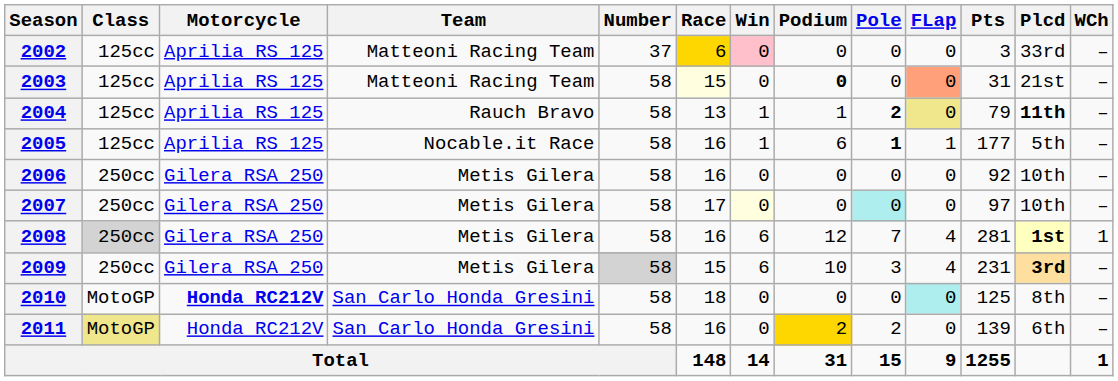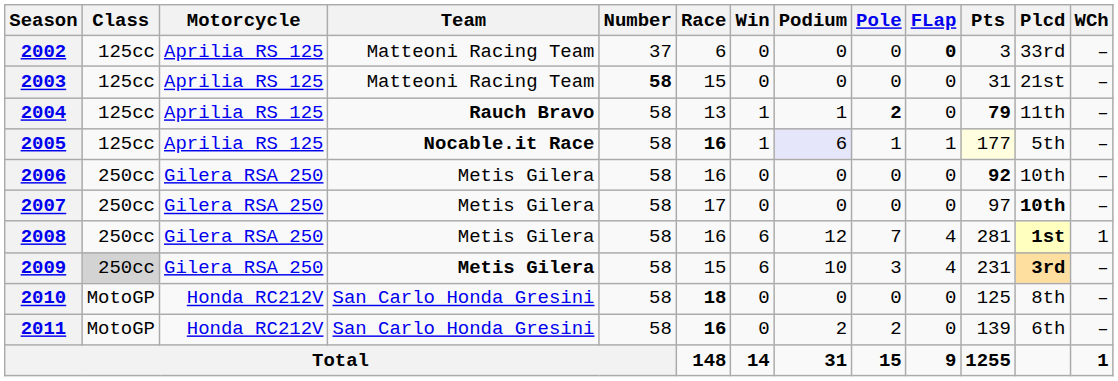 <table class="wikitable" style="text-align:right">
 <tr>
 <th>Season</th>
 <th>Class</th>
 <th>Motorcycle</th>
 <th>Team</th>
 <th>Number</th>
 <th>Race</th>
 <th>Win</th>
 <th>Podium</th>
 <th><a href='#'>Pole</a></th>
 <th><a href='#'>FLap</a></th>
 <th>Pts</th>
 <th>Plcd</th>
 <th>WCh</th>
 </tr>
 <tr>
 <th><a href='#'>2002</a></th>
 <td style="text-align:right">125cc</td>
 <td style="text-align:right"><a href='#'>Aprilia RS 125</a></td>
 <td style="text-align:right">Matteoni Racing Team</td>
 <td>37</td>
-<td style="background: gold;">6</td>
-<td style="background: pink;">0</td>
+<td>6</td>
 <td>0</td>
 <td>0</td>
 <td>0</td>
+<td><strong>0</strong></td>
 <td>3</td>
 <td>33rd</td>
 <td>–</td>
 </tr>
 <tr>
 <th><a href='#'>2003</a></th>
 <td style="text-align:right">125cc</td>
 <td style="text-align:right"><a href='#'>Aprilia RS 125</a></td>
 <td style="text-align:right">Matteoni Racing Team</td>
-<td>58</td>
-<td style="background: lightyellow;">15</td>
+<td><strong>58</strong></td>
+<td>15</td>
 <td>0</td>
-<td><strong>0</strong></td>
 <td>0</td>
-<td style="background: lightsalmon;">0</td>
+<td>0</td>
+<td>0</td>
 <td>31</td>
 <td>21st</td>
 <td>–</td>
 </tr>
 <tr>
 <th><a href='#'>2004</a></th>
 <td style="text-align:right">125cc</td>
 <td style="text-align:right"><a href='#'>Aprilia RS 125</a></td>
-<td style="text-align:right">Rauch Bravo</td>
+<td style="text-align:right"><strong>Rauch Bravo</strong></td>
 <td>58</td>
 <td>13</td>
 <td>1</td>
 <td>1</td>
 <td><strong>2</strong></td>
-<td style="background: khaki;">0</td>
-<td>79</td>
-<td><strong>11th</strong></td>
+<td>0</td>
+<td><strong>79</strong></td>
+<td>11th</td>
 <td>–</td>
 </tr>
 <tr>
 <th><a href='#'>2005</a></th>
 <td style="text-align:right">125cc</td>
 <td style="text-align:right"><a href='#'>Aprilia RS 125</a></td>
-<td style="text-align:right">Nocable.it Race</td>
+<td style="text-align:right"><strong>Nocable.it Race</strong></td>
 <td>58</td>
-<td>16</td>
+<td><strong>16</strong></td>
 <td>1</td>
-<td>6</td>
-<td><strong>1</strong></td>
+<td style="background: lavender;">6</td>
 <td>1</td>
-<td>177</td>
+<td>1</td>
+<td style="background: lightyellow;">177</td>
 <td>5th</td>
 <td>–</td>
 </tr>
 <tr>
 <th><a href='#'>2006</a></th>
 <td style="text-align:right">250cc</td>
 <td style="text-align:right"><a href='#'>Gilera RSA 250</a></td>
 <td style="text-align:right">Metis Gilera</td>
 <td>58</td>
 <td>16</td>
 <td>0</td>
 <td>0</td>
 <td>0</td>
 <td>0</td>
-<td>92</td>
+<td><strong>92</strong></td>
 <td>10th</td>
 <td>–</td>
 </tr>
 <tr>
 <th><a href='#'>2007</a></th>
 <td style="text-align:right">250cc</td>
 <td style="text-align:right"><a href='#'>Gilera RSA 250</a></td>
 <td style="text-align:right">Metis Gilera</td>
 <td>58</td>
 <td>17</td>
-<td style="background: lightyellow;">0</td>
 <td>0</td>
-<td style="background: paleturquoise;">0</td>
+<td>0</td>
+<td>0</td>
 <td>0</td>
 <td>97</td>
-<td>10th</td>
+<td><strong>10th</strong></td>
 <td>–</td>
 </tr>
 <tr>
 <th><a href='#'>2008</a></th>
-<td style="background: lightgrey; text-align:right">250cc</td>
+<td style="text-align:right">250cc</td>
 <td style="text-align:right"><a href='#'>Gilera RSA 250</a></td>
 <td style="text-align:right">Metis Gilera</td>
 <td>58</td>
 <td>16</td>
 <td>6</td>
 <td>12</td>
 <td>7</td>
 <td>4</td>
 <td>281</td>
 <td style="background:#ffffbf;"><strong>1st</strong></td>
 <td>1</td>
 </tr>
 <tr>
 <th><a href='#'>2009</a></th>
-<td style="text-align:right">250cc</td>
+<td style="background: lightgrey; text-align:right">250cc</td>
 <td style="text-align:right"><a href='#'>Gilera RSA 250</a></td>
-<td style="text-align:right">Metis Gilera</td>
-<td style="background: lightgrey;">58</td>
+<td style="text-align:right"><strong>Metis Gilera</strong></td>
+<td>58</td>
 <td>15</td>
 <td>6</td>
 <td>10</td>
 <td>3</td>
 <td>4</td>
 <td>231</td>
 <td style="background:#ffdf9f;"><strong>3rd</strong></td>
 <td>–</td>
 </tr>
 <tr>
 <th><a href='#'>2010</a></th>
 <td style="text-align:right">MotoGP</td>
-<td style="text-align:right"><strong><a href='#'>Honda RC212V</a></strong></td>
+<td style="text-align:right"><a href='#'>Honda RC212V</a></td>
 <td style="text-align:right"><a href='#'>San Carlo Honda Gresini</a></td>
 <td>58</td>
-<td>18</td>
+<td><strong>18</strong></td>
 <td>0</td>
 <td>0</td>
 <td>0</td>
-<td style="background: paleturquoise;">0</td>
+<td>0</td>
 <td>125</td>
 <td>8th</td>
 <td>–</td>
 </tr>
 <tr>
 <th><a href='#'>2011</a></th>
-<td style="background: khaki; text-align:right">MotoGP</td>
+<td style="text-align:right">MotoGP</td>
 <td style="text-align:right"><a href='#'>Honda RC212V</a></td>
 <td style="text-align:right"><a href='#'>San Carlo Honda Gresini</a></td>
 <td>58</td>
-<td>16</td>
+<td><strong>16</strong></td>
 <td>0</td>
-<td style="background: gold;">2</td>
+<td>2</td>
 <td>2</td>
 <td>0</td>
 <td>139</td>
 <td>6th</td>
 <td>–</td>
 </tr>
 <tr>
 <th colspan="5">Total</th>
 <td style="text-align:right;"><strong>148</strong></td>
 <td style="text-align:right;"><strong>14</strong></td>
 <td style="text-align:right;"><strong>31</strong></td>
 <td style="text-align:right;"><strong>15</strong></td>
 <td style="text-align:right;"><strong>9</strong></td>
 <td style="text-align:right;"><strong>1255</strong></td>
 <td></td>
 <td style="text-align:right;"><strong>1</strong></td>
 </tr>
 </table>
